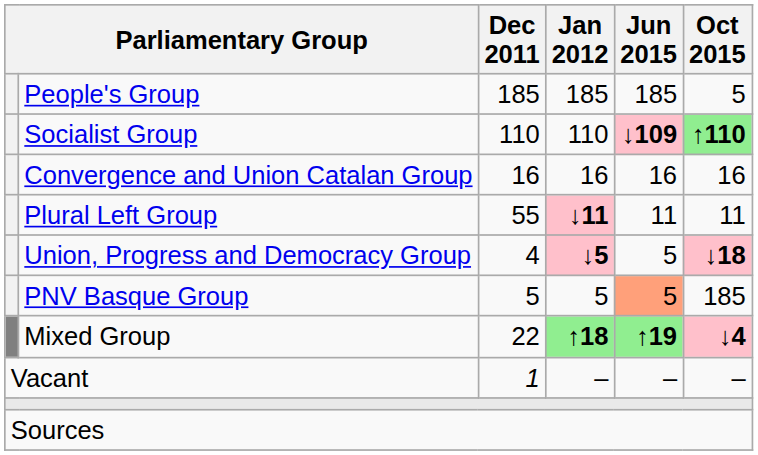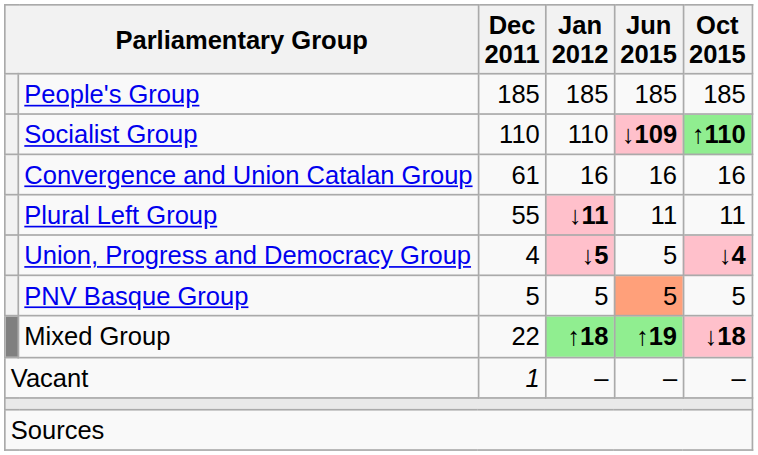 <table class="wikitable" style="font-size:95%;">
 <tr>
 <th colspan="2">Parliamentary Group</th>
 <th>Dec<br>2011</th>
 <th>Jan<br>2012</th>
 <th>Jun<br>2015</th>
 <th>Oct<br>2015</th>
 </tr>
 <tr>
 <th width="1px" style="background-color:"></th>
 <td><a href='#'>People's Group</a></td>
 <td align="right">185</td>
 <td align="right">185</td>
 <td align="right">185</td>
-<td align="right">5</td>
+<td align="right">185</td>
 </tr>
 <tr>
 <th style="background-color:"></th>
 <td><a href='#'>Socialist Group</a></td>
 <td align="right">110</td>
 <td align="right">110</td>
 <td align="right" style="background:pink;">↓<strong><span>109</span></strong></td>
 <td align="right" style="background:lightgreen;">↑<strong><span>110</span></strong></td>
 </tr>
 <tr>
 <th style="background-color:"></th>
 <td><a href='#'>Convergence and Union Catalan Group</a></td>
-<td align="right">16</td>
+<td align="right">61</td>
 <td align="right">16</td>
 <td align="right">16</td>
 <td align="right">16</td>
 </tr>
 <tr>
 <th style="background-color:"></th>
 <td><a href='#'>Plural Left Group</a></td>
 <td align="right">55</td>
 <td align="right" style="background:pink;">↓<strong><span>11</span></strong></td>
 <td align="right">11</td>
 <td align="right">11</td>
 </tr>
 <tr>
 <th style="background-color:"></th>
 <td><a href='#'>Union, Progress and Democracy Group</a></td>
 <td align="right">4</td>
 <td align="right" style="background:pink;">↓<strong><span>5</span></strong></td>
 <td align="right">5</td>
-<td align="right" style="background:pink;">↓<strong><span>18</span></strong></td>
+<td align="right" style="background:pink;">↓<strong><span>4</span></strong></td>
 </tr>
 <tr>
 <th style="background-color:"></th>
 <td><a href='#'>PNV Basque Group</a></td>
 <td align="right">5</td>
 <td align="right">5</td>
 <td align="right" style="background: lightsalmon;">5</td>
-<td align="right">185</td>
+<td align="right">5</td>
 </tr>
 <tr>
 <th style="background-color:gray"></th>
 <td>Mixed Group</td>
 <td align="right">22</td>
 <td align="right" style="background:lightgreen;">↑<strong><span>18</span></strong></td>
 <td align="right" style="background:lightgreen;">↑<strong><span>19</span></strong></td>
-<td align="right" style="background:pink;">↓<strong><span>4</span></strong></td>
+<td align="right" style="background:pink;">↓<strong><span>18</span></strong></td>
 </tr>
 <tr>
 <td colspan="2">Vacant</td>
 <td align="right"><em>1</em></td>
 <td align="right">–</td>
 <td align="right">–</td>
 <td align="right">–</td>
 </tr>
 <tr>
 <td colspan="6" bgcolor="#E9E9E9"></td>
 </tr>
 <tr>
 <td align="left" colspan="6">Sources</td>
 </tr>
 </table>
